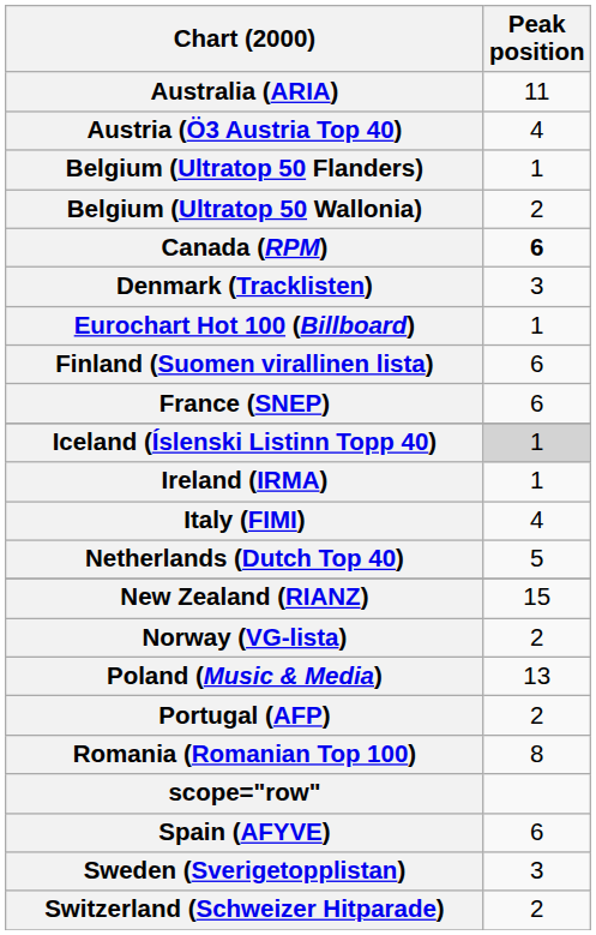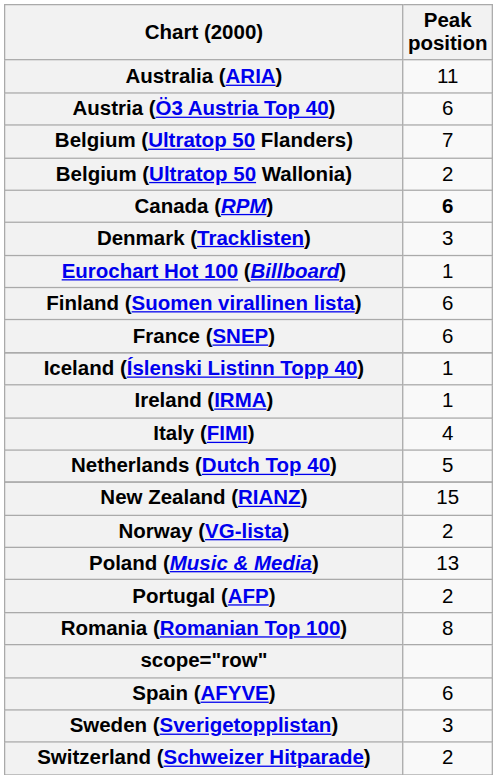 <table class="wikitable sortable plainrowheaders" style="text-align:center;">
 <tr>
 <th scope="col" style="width:19em">Chart (2000)</th>
 <th scope="col">Peak<br>position</th>
 </tr>
 <tr>
 <th scope="row">Australia (<a href='#'>ARIA</a>)</th>
 <td>11</td>
 </tr>
 <tr>
 <th scope="row">Austria (<a href='#'>Ö3 Austria Top 40</a>)</th>
-<td>4</td>
+<td>6</td>
 </tr>
 <tr>
 <th scope="row">Belgium (<a href='#'>Ultratop 50</a> Flanders)</th>
-<td>1</td>
+<td>7</td>
 </tr>
 <tr>
 <th scope="row">Belgium (<a href='#'>Ultratop 50</a> Wallonia)</th>
 <td>2</td>
 </tr>
 <tr>
 <th scope="row">Canada (<a href='#'><em>RPM</em></a>)</th>
 <td><strong>6</strong></td>
 </tr>
 <tr>
 <th scope="row">Denmark (<a href='#'>Tracklisten</a>)</th>
 <td>3</td>
 </tr>
 <tr>
 <th scope="row"><a href='#'>Eurochart Hot 100</a> (<a href='#'><em>Billboard</em></a>)</th>
 <td>1</td>
 </tr>
 <tr>
 <th scope="row">Finland (<a href='#'>Suomen virallinen lista</a>)</th>
 <td>6</td>
 </tr>
 <tr>
 <th scope="row">France (<a href='#'>SNEP</a>)</th>
 <td>6</td>
 </tr>
 <tr>
 </tr>
 <tr>
 <th scope="row">Iceland (<a href='#'>Íslenski Listinn Topp 40</a>)</th>
-<td style="background: lightgrey;">1</td>
+<td>1</td>
 </tr>
 <tr>
 <th scope="row">Ireland (<a href='#'>IRMA</a>)</th>
 <td>1</td>
 </tr>
 <tr>
 <th scope="row">Italy (<a href='#'>FIMI</a>)</th>
 <td>4</td>
 </tr>
 <tr>
 <th scope="row">Netherlands (<a href='#'>Dutch Top 40</a>)</th>
 <td>5</td>
 </tr>
 <tr>
 </tr>
 <tr>
 <th scope="row">New Zealand (<a href='#'>RIANZ</a>)</th>
 <td>15</td>
 </tr>
 <tr>
 <th scope="row">Norway (<a href='#'>VG-lista</a>)</th>
 <td>2</td>
 </tr>
 <tr>
 <th scope="row">Poland (<em><a href='#'>Music & Media</a></em>)</th>
 <td>13</td>
 </tr>
 <tr>
 <th scope="row">Portugal (<a href='#'>AFP</a>)</th>
 <td>2</td>
 </tr>
 <tr>
 <th scope="row">Romania (<a href='#'>Romanian Top 100</a>)</th>
 <td>8</td>
 </tr>
 <tr>
 <th>scope="row"</th>
 </tr>
 <tr>
 <th scope="row">Spain (<a href='#'>AFYVE</a>)</th>
 <td>6</td>
 </tr>
 <tr>
 <th scope="row">Sweden (<a href='#'>Sverigetopplistan</a>)</th>
 <td>3</td>
 </tr>
 <tr>
 <th scope="row">Switzerland (<a href='#'>Schweizer Hitparade</a>)</th>
 <td>2</td>
 </tr>
 <tr>
 </tr>
 <tr>
 </tr>
 <tr>
 </tr>
 <tr>
 </tr>
 <tr>
 </tr>
 <tr>
 </tr>
 <tr>
 </tr>
 <tr>
 </tr>
 </table>
